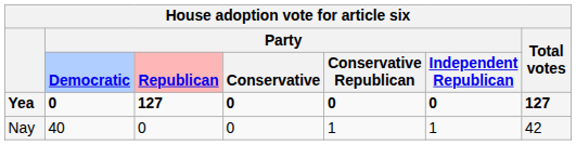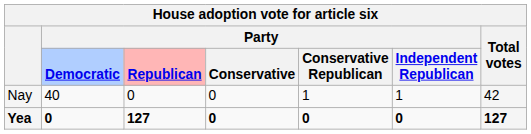 <table class="wikitable">
 <tr>
 <th colspan=7>House adoption vote for article six</th>
 </tr>
 <tr>
 <th rowspan=2></th>
 <th colspan=5>Party</th>
 <th rowspan=2>Total votes</th>
 </tr>
 <tr style="vertical-align:bottom;">
 <th style="background:#b0ceff;"><a href='#'>Democratic</a></th>
 <th style="background:#ffb6b6;"><a href='#'>Republican</a></th>
 <th>Conservative</th>
 <th>Conservative Republican</th>
 <th><a href='#'>Independent Republican</a></th>
 </tr>
 <tr>
+<td style="background:#F5F5F5">Nay</td>
+<td>40</td>
+<td>0</td>
+<td>0</td>
+<td>1</td>
+<td>1</td>
+<td style="background:#F5F5F5">42</td>
+</tr>
+<tr>
 <td style="width: 10em; background:#F5F5F5"><strong>Yea</strong></td>
 <td style="width: 7em;"><strong>0</strong></td>
 <td style="width: 7em;"><strong>127</strong></td>
 <td style="width: 7em;"><strong>0</strong></td>
 <td style="width: 7em;"><strong>0</strong></td>
 <td style="width: 7em;"><strong>0</strong></td>
 <td style="width: 7em; background:#F5F5F5"><strong>127</strong></td>
 </tr>
-<tr>
-<td style="background:#F5F5F5">Nay</td>
-<td>40</td>
-<td>0</td>
-<td>0</td>
-<td>1</td>
-<td>1</td>
-<td style="background:#F5F5F5">42</td>
-</tr>
 </table>
